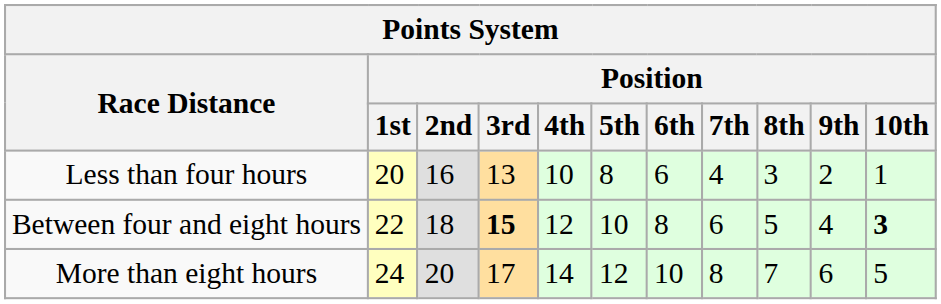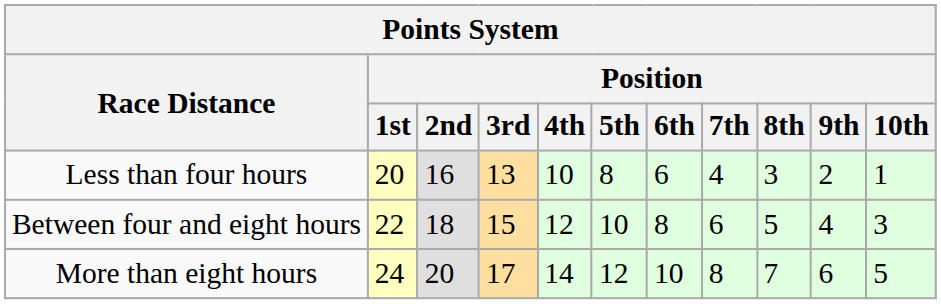 <table class="wikitable" style="font-size: 90%;">
 <tr>
 <th colspan=11>Points System</th>
 </tr>
 <tr>
 <th rowspan=2>Race Distance</th>
 <th colspan=10>Position</th>
 </tr>
 <tr>
 <th>1st</th>
 <th>2nd</th>
 <th>3rd</th>
 <th>4th</th>
 <th>5th</th>
 <th>6th</th>
 <th>7th</th>
 <th>8th</th>
 <th>9th</th>
 <th>10th</th>
 </tr>
 <tr>
 <td align=center>Less than four hours</td>
 <td style="background:#FFFFBF;”">20</td>
 <td style="background:#DFDFDF;”">16</td>
 <td style="background:#FFDF9F;”">13</td>
 <td style="background:#DFFFDF;">10</td>
 <td style="background:#DFFFDF;">8</td>
 <td style="background:#DFFFDF;">6</td>
 <td style="background:#DFFFDF;">4</td>
 <td style="background:#DFFFDF;">3</td>
 <td style="background:#DFFFDF;">2</td>
 <td style="background:#DFFFDF;">1</td>
 </tr>
 <tr>
 <td align=center>Between four and eight hours</td>
 <td style="background:#FFFFBF;”">22</td>
 <td style="background:#DFDFDF;”">18</td>
-<td style="background:#FFDF9F;”"><strong>15</strong></td>
+<td style="background:#FFDF9F;”">15</td>
 <td style="background:#DFFFDF;">12</td>
 <td style="background:#DFFFDF;">10</td>
 <td style="background:#DFFFDF;">8</td>
 <td style="background:#DFFFDF;">6</td>
 <td style="background:#DFFFDF;">5</td>
 <td style="background:#DFFFDF;">4</td>
-<td style="background:#DFFFDF;"><strong>3</strong></td>
+<td style="background:#DFFFDF;">3</td>
 </tr>
 <tr>
 <td align=center>More than eight hours</td>
 <td style="background:#FFFFBF;”">24</td>
 <td style="background:#DFDFDF;”">20</td>
 <td style="background:#FFDF9F;”">17</td>
 <td style="background:#DFFFDF;">14</td>
 <td style="background:#DFFFDF;">12</td>
 <td style="background:#DFFFDF;">10</td>
 <td style="background:#DFFFDF;">8</td>
 <td style="background:#DFFFDF;">7</td>
 <td style="background:#DFFFDF;">6</td>
 <td style="background:#DFFFDF;">5</td>
 </tr>
 </table>
